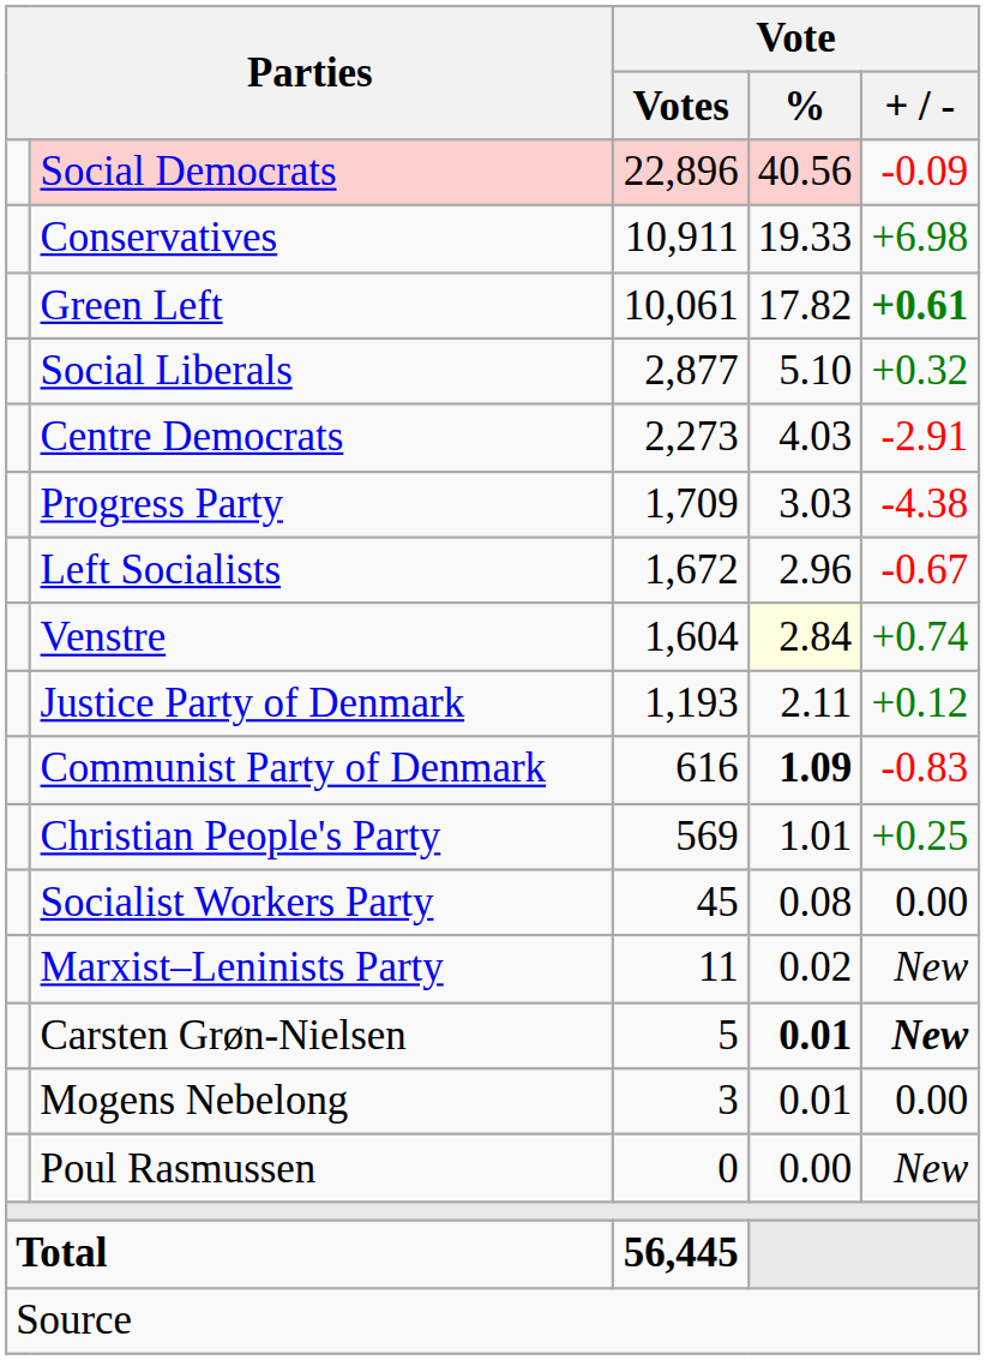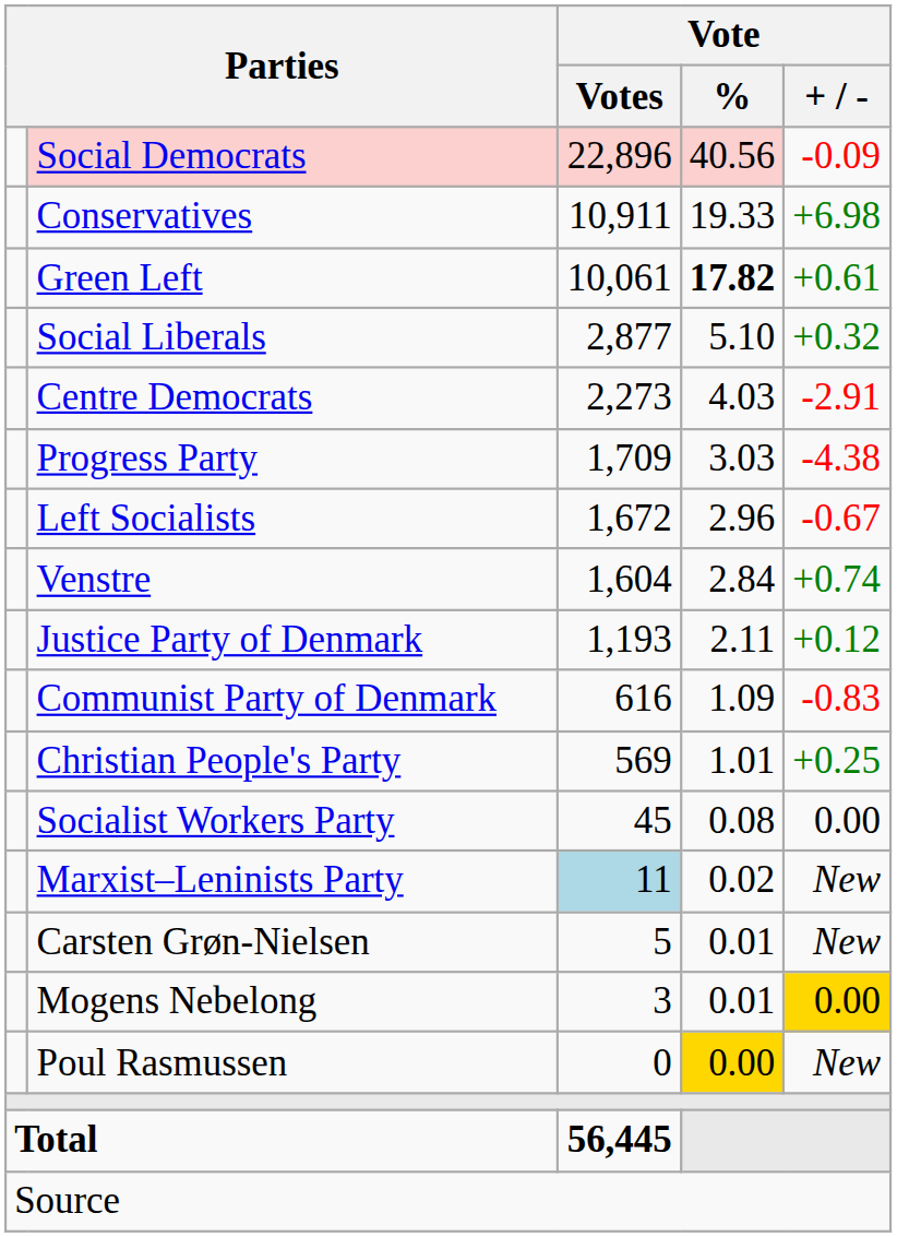 <table class="wikitable" style="text-align:right;">
 <tr>
 <th style="text-align:centre;" rowspan="2" colspan="2" width="225">Parties</th>
 <th colspan="3">Vote</th>
 </tr>
 <tr>
 <th width="15">Votes</th>
 <th width="15">%</th>
 <th width="15">+ / -</th>
 </tr>
 <tr>
 <td width="2" style="color:inherit;background:"></td>
 <td bgcolor=#fbd0ce  align="left"><a href='#'>Social Democrats</a></td>
 <td bgcolor=#fbd0ce>22,896</td>
 <td bgcolor=#fbd0ce>40.56</td>
 <td style=color:red;>-0.09</td>
 </tr>
 <tr>
 <td width="2" style="color:inherit;background:"></td>
 <td align="left"><a href='#'>Conservatives</a></td>
 <td>10,911</td>
 <td>19.33</td>
 <td style=color:green;>+6.98</td>
 </tr>
 <tr>
 <td width="2" style="color:inherit;background:"></td>
 <td align="left"><a href='#'>Green Left</a></td>
 <td>10,061</td>
-<td>17.82</td>
-<td style=color:green;><strong>+0.61</strong></td>
+<td><strong>17.82</strong></td>
+<td style=color:green;>+0.61</td>
 </tr>
 <tr>
 <td width="2" style="color:inherit;background:"></td>
 <td align="left"><a href='#'>Social Liberals</a></td>
 <td>2,877</td>
 <td>5.10</td>
 <td style=color:green;>+0.32</td>
 </tr>
 <tr>
 <td width="2" style="color:inherit;background:"></td>
 <td align="left"><a href='#'>Centre Democrats</a></td>
 <td>2,273</td>
 <td>4.03</td>
 <td style=color:red;>-2.91</td>
 </tr>
 <tr>
 <td width="2" style="color:inherit;background:"></td>
 <td align="left"><a href='#'>Progress Party</a></td>
 <td>1,709</td>
 <td>3.03</td>
 <td style=color:red;>-4.38</td>
 </tr>
 <tr>
 <td width="2" style="color:inherit;background:"></td>
 <td align="left"><a href='#'>Left Socialists</a></td>
 <td>1,672</td>
 <td>2.96</td>
 <td style=color:red;>-0.67</td>
 </tr>
 <tr>
 <td width="2" style="color:inherit;background:"></td>
 <td align="left"><a href='#'>Venstre</a></td>
 <td>1,604</td>
-<td style="background: lightyellow;">2.84</td>
+<td>2.84</td>
 <td style=color:green;>+0.74</td>
 </tr>
 <tr>
 <td width="2" style="color:inherit;background:"></td>
 <td align="left"><a href='#'>Justice Party of Denmark</a></td>
 <td>1,193</td>
 <td>2.11</td>
 <td style=color:green;>+0.12</td>
 </tr>
 <tr>
 <td width="2" style="color:inherit;background:"></td>
 <td align="left"><a href='#'>Communist Party of Denmark</a></td>
 <td>616</td>
-<td><strong>1.09</strong></td>
+<td>1.09</td>
 <td style=color:red;>-0.83</td>
 </tr>
 <tr>
 <td width="2" style="color:inherit;background:"></td>
 <td align="left"><a href='#'>Christian People's Party</a></td>
 <td>569</td>
 <td>1.01</td>
 <td style=color:green;>+0.25</td>
 </tr>
 <tr>
 <td width="2" style="color:inherit;background:"></td>
 <td align="left"><a href='#'>Socialist Workers Party</a></td>
 <td>45</td>
 <td>0.08</td>
 <td>0.00</td>
 </tr>
 <tr>
 <td width="2" style="color:inherit;background:"></td>
 <td align="left"><a href='#'>Marxist–Leninists Party</a></td>
-<td>11</td>
+<td style="background: lightblue;">11</td>
 <td>0.02</td>
 <td><em>New</em></td>
 </tr>
 <tr>
 <td width="2" style="color:inherit;background:"></td>
 <td align="left">Carsten Grøn-Nielsen</td>
 <td>5</td>
-<td><strong>0.01</strong></td>
-<td><strong><em>New</em></strong></td>
+<td>0.01</td>
+<td><em>New</em></td>
 </tr>
 <tr>
 <td width="2" style="color:inherit;background:"></td>
 <td align="left">Mogens Nebelong</td>
 <td>3</td>
 <td>0.01</td>
-<td>0.00</td>
+<td style="background: gold;">0.00</td>
 </tr>
 <tr>
 <td width="2" style="color:inherit;background:"></td>
 <td align="left">Poul Rasmussen</td>
 <td>0</td>
-<td>0.00</td>
+<td style="background: gold;">0.00</td>
 <td><em>New</em></td>
 </tr>
 <tr>
 <td colspan="7" bgcolor="#E9E9E9"></td>
 </tr>
 <tr>
 <td align="left" colspan="2"><strong>Total</strong></td>
 <td><strong>56,445</strong></td>
 <td bgcolor="#E9E9E9" colspan="2"></td>
 </tr>
 <tr>
 <td align="left" colspan="6">Source</td>
 </tr>
 </table>
